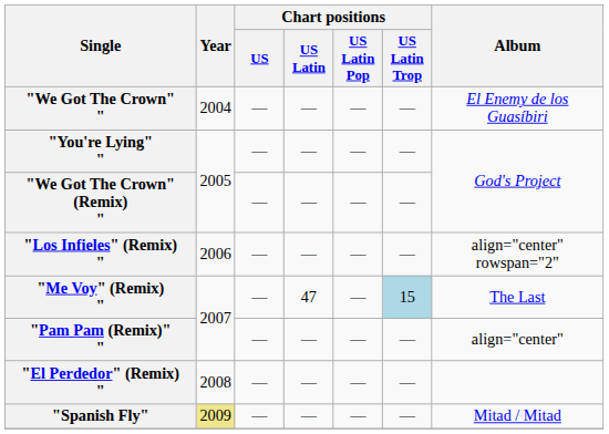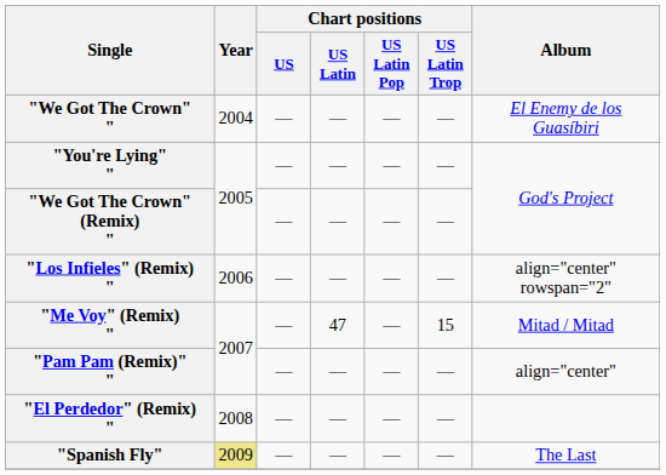 <table class="wikitable plainrowheaders" style="text-align:center;">
 <tr>
 <th rowspan="2">Single</th>
 <th rowspan="2">Year</th>
 <th colspan="4">Chart positions</th>
 <th rowspan="2">Album</th>
 </tr>
 <tr>
 <th scope="col" style="width:3em; font-size:90%"><a href='#'>US</a><br></th>
 <th scope="col" style="width:3em; font-size:90%"><a href='#'>US<br>Latin</a><br></th>
 <th scope="col" style="width:3em; font-size:90%"><a href='#'>US<br>Latin<br>Pop</a><br></th>
 <th scope="col" style="width:3em; font-size:90%"><a href='#'>US<br>Latin<br>Trop</a><br></th>
 </tr>
 <tr>
 <th scope="row">"We Got The Crown"<br>"</th>
 <td align="center">2004</td>
 <td align="center">—</td>
 <td align="center">—</td>
 <td align="center">—</td>
 <td align="center">—</td>
 <td align="center"><em><a href='#'>El Enemy de los Guasíbiri</a></em></td>
 </tr>
 <tr>
 <th scope="row">"You're Lying"<br>"</th>
 <td rowspan="2" align="center">2005</td>
 <td align="center">—</td>
 <td align="center">—</td>
 <td align="center">—</td>
 <td align="center">—</td>
 <td align="center" rowspan="2"><em><a href='#'>God's Project</a></em></td>
 </tr>
 <tr>
 <th scope="row">"We Got The Crown" (Remix)<br>"</th>
 <td align="center">—</td>
 <td align="center">—</td>
 <td align="center">—</td>
 <td align="center">—</td>
 </tr>
 <tr>
 <th scope="row">"<a href='#'>Los Infieles</a>" (Remix)<br>"</th>
 <td>2006</td>
 <td align="center">—</td>
 <td align="center">—</td>
 <td align="center">—</td>
 <td align="center">—</td>
 <td>align="center" rowspan="2" <em></em></td>
 </tr>
 <tr>
 <th scope="row">"<a href='#'>Me Voy</a>" (Remix)<br>"</th>
 <td rowspan="2" align="center">2007</td>
 <td align="center">—</td>
 <td align="center">47</td>
 <td align="center">—</td>
-<td align="center" style="background: lightblue;">15</td>
-<td align="center"><a href='#'>The Last</a></td>
+<td align="center">15</td>
+<td align="center"><a href='#'>Mitad / Mitad</a></td>
 </tr>
 <tr>
 <th scope="row">"<a href='#'>Pam Pam</a> (Remix)" <br>"</th>
 <td align="center">—</td>
 <td align="center">—</td>
 <td align="center">—</td>
 <td align="center">—</td>
 <td>align="center" <em></em></td>
 </tr>
 <tr>
 <th scope="row">"<a href='#'>El Perdedor</a>" (Remix)<br>"</th>
 <td align="center">2008</td>
 <td align="center">—</td>
 <td align="center">—</td>
 <td align="center">—</td>
 <td align="center">—</td>
 </tr>
 <tr>
 <th scope="row">"Spanish Fly" <br></th>
 <td align="center" style="background: khaki;">2009</td>
 <td align="center">—</td>
 <td align="center">—</td>
 <td align="center">—</td>
 <td align="center">—</td>
-<td align="center"><a href='#'>Mitad / Mitad</a></td>
+<td align="center"><a href='#'>The Last</a></td>
 </tr>
 <tr>
 </tr>
 </table>
